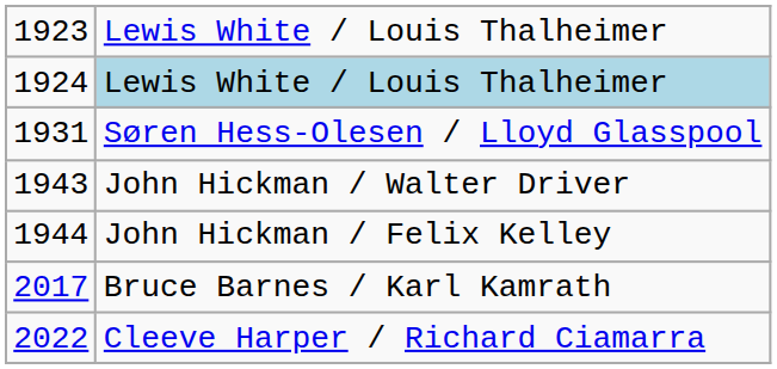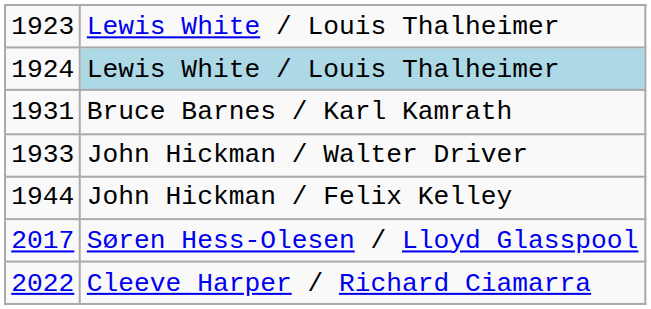 <table class="wikitable">
 <tr>
 <td>1923</td>
 <td><a href='#'>Lewis White</a> / Louis Thalheimer</td>
 </tr>
 <tr>
 <td>1924</td>
 <td style="background: lightblue;">Lewis White / Louis Thalheimer</td>
 </tr>
 <tr>
 <td>1931</td>
-<td><a href='#'>Søren Hess-Olesen</a> / <a href='#'>Lloyd Glasspool</a></td>
+<td>Bruce Barnes / Karl Kamrath</td>
 </tr>
 <tr>
-<td>1943</td>
+<td>1933</td>
 <td>John Hickman / Walter Driver</td>
 </tr>
 <tr>
 <td>1944</td>
 <td>John Hickman / Felix Kelley</td>
 </tr>
 <tr>
 <td><a href='#'>2017</a></td>
-<td>Bruce Barnes / Karl Kamrath</td>
+<td><a href='#'>Søren Hess-Olesen</a> / <a href='#'>Lloyd Glasspool</a></td>
 </tr>
 <tr>
 <td><a href='#'>2022</a></td>
 <td><a href='#'>Cleeve Harper</a> / <a href='#'>Richard Ciamarra</a></td>
 </tr>
 </table>
